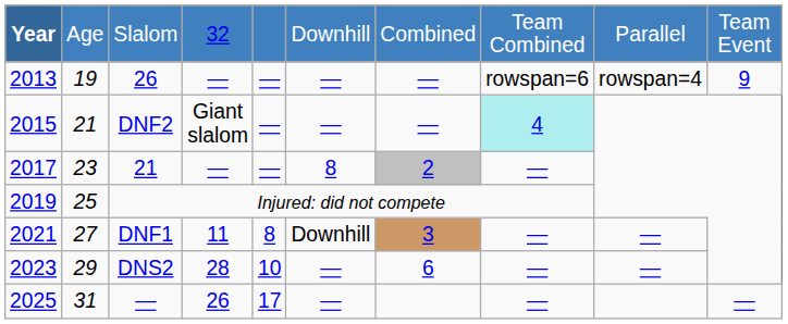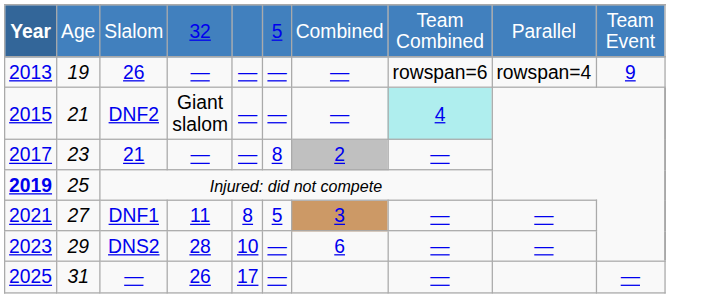 <table class="wikitable" style="font-size:95%; text-align:center; border:grey solid 1px; border-collapse:collapse;" width="40%">
 <tr style="background-color:#369; color:white;">
 <td rowspan="2" colspan="1" width="4%"><strong>Year</strong></td>
 </tr>
 <tr style="background-color:#4180be; color:white;">
 <td width="3%">Age</td>
 <td width="5%">Slalom</td>
 <td><a href='#'>32</a></td>
 <td width="5%"></td>
-<td width="5%">Downhill</td>
+<td><a href='#'>5</a></td>
 <td width="5%">Combined</td>
 <td width="5%">Team<br>Combined</td>
 <td width="5%">Parallel</td>
 <td width="5%">Team<br> Event </td>
 </tr>
 <tr style="background-color:#8CB2D8; color:white;">
 </tr>
 <tr>
 <td><a href='#'>2013</a></td>
 <td><em>19</em></td>
 <td><a href='#'>26</a></td>
 <td><a href='#'>—</a></td>
 <td><a href='#'>—</a></td>
 <td><a href='#'>—</a></td>
 <td><a href='#'>—</a></td>
 <td>rowspan=6</td>
 <td>rowspan=4</td>
 <td><a href='#'>9</a></td>
 </tr>
 <tr>
 <td><a href='#'>2015</a></td>
 <td><em>21</em></td>
 <td><a href='#'>DNF2</a></td>
 <td width="5%">Giant<br>slalom</td>
 <td><a href='#'>—</a></td>
 <td><a href='#'>—</a></td>
 <td><a href='#'>—</a></td>
 <td style="background: paleturquoise;"><a href='#'>4</a></td>
 </tr>
 <tr>
 <td><a href='#'>2017</a></td>
 <td><em>23</em></td>
 <td><a href='#'>21</a></td>
 <td><a href='#'>—</a></td>
 <td><a href='#'>—</a></td>
 <td><a href='#'>8</a></td>
 <td style="background:silver;"><a href='#'>2</a></td>
 <td><a href='#'>—</a></td>
 </tr>
 <tr>
-<td><a href='#'>2019</a></td>
+<td><strong><a href='#'>2019</a></strong></td>
 <td><em>25</em></td>
 <td colspan=6><small><em>Injured: did not compete</em></small></td>
 </tr>
 <tr>
 <td><a href='#'>2021</a></td>
 <td><em>27</em></td>
 <td><a href='#'>DNF1</a></td>
 <td><a href='#'>11</a></td>
 <td><a href='#'>8</a></td>
-<td width="5%">Downhill</td>
+<td><a href='#'>5</a></td>
 <td bgcolor="cc9966"><a href='#'>3</a></td>
 <td><a href='#'>—</a></td>
 <td><a href='#'>—</a></td>
 </tr>
 <tr>
 <td><a href='#'>2023</a></td>
 <td><em>29</em></td>
 <td><a href='#'>DNS2</a></td>
 <td><a href='#'>28</a></td>
 <td><a href='#'>10</a></td>
 <td><a href='#'>—</a></td>
 <td><a href='#'>6</a></td>
 <td><a href='#'>—</a></td>
 <td><a href='#'>—</a></td>
 </tr>
 <tr>
 <td><a href='#'>2025</a></td>
 <td><em>31</em></td>
 <td><a href='#'>—</a></td>
 <td><a href='#'>26</a></td>
 <td><a href='#'>17</a></td>
 <td><a href='#'>—</a></td>
 <td></td>
 <td><a href='#'>—</a></td>
 <td></td>
 <td><a href='#'>—</a></td>
 </tr>
 </table>
